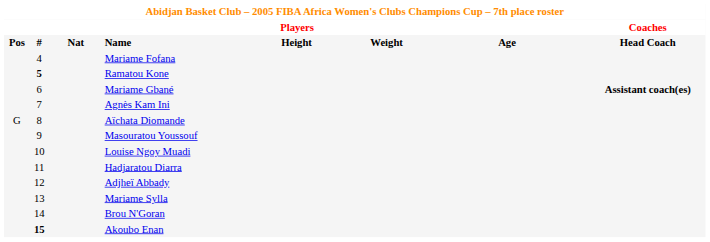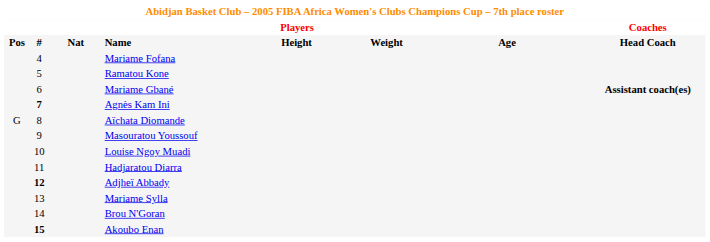 <table border=0 cellpadding=2 cellspacing=0  |- bgcolor=#f5f5f5 style="text-align:center; font-size:90%;" width=75%>
 <tr>
 <td colspan="8" style="background: white; color: #ff8c00"><strong>Abidjan Basket Club – 2005 FIBA Africa Women's Clubs Champions Cup – 7th place roster</strong></td>
 </tr>
 <tr>
 <td colspan="7" style="background: white; color: red"><strong>Players</strong></td>
 <td style="background: white; color: red"><strong>Coaches</strong></td>
 </tr>
 <tr style="background=#f5f5f5; color: black">
 <th width=5px>Pos</th>
 <th width=5px>#</th>
 <th width=50px>Nat</th>
 <th width=135px align=left>Name</th>
 <th width=100px>Height</th>
 <th width=70px>Weight</th>
 <th width=160px>Age</th>
 <th width=110px>Head Coach</th>
 </tr>
 <tr>
 <td></td>
 <td>4</td>
 <td></td>
 <td align=left><a href='#'>Mariame Fofana</a></td>
 <td></td>
 <td></td>
 <td><span></span></td>
 <td> <a href='#'></a></td>
 </tr>
 <tr>
 <td></td>
-<td><strong>5</strong></td>
+<td>5</td>
 <td></td>
 <td align=left><a href='#'>Ramatou Kone</a></td>
 <td></td>
 <td></td>
 <td><span></span></td>
 </tr>
 <tr>
 <td></td>
 <td>6</td>
 <td></td>
 <td align=left><a href='#'>Mariame Gbané</a></td>
 <td></td>
 <td></td>
 <td><span></span></td>
 <td><strong>Assistant coach(es)</strong></td>
 </tr>
 <tr>
 <td></td>
-<td>7</td>
+<td><strong>7</strong></td>
 <td></td>
 <td align=left><a href='#'>Agnès Kam Ini</a></td>
 <td></td>
 <td></td>
 <td><span></span></td>
 <td></td>
 </tr>
 <tr>
 <td>G</td>
 <td>8</td>
 <td></td>
 <td align=left><a href='#'>Aïchata Diomande</a></td>
 <td><span></span></td>
 <td></td>
 <td><span></span></td>
 <td></td>
 </tr>
 <tr>
 <td></td>
 <td>9</td>
 <td></td>
 <td align=left><a href='#'>Masouratou Youssouf</a></td>
 <td></td>
 <td></td>
 <td><span></span></td>
 </tr>
 <tr>
 <td></td>
 <td>10</td>
 <td></td>
 <td align=left><a href='#'>Louise Ngoy Muadi</a></td>
 <td></td>
 <td></td>
 <td><span></span></td>
 </tr>
 <tr>
 <td></td>
 <td>11</td>
 <td></td>
 <td align=left><a href='#'>Hadjaratou Diarra</a></td>
 <td></td>
 <td></td>
 <td><span></span></td>
 </tr>
 <tr>
 <td></td>
-<td>12</td>
+<td><strong>12</strong></td>
 <td></td>
 <td align=left><a href='#'>Adjheï Abbady</a></td>
 <td></td>
 <td></td>
 <td><span></span></td>
 </tr>
 <tr>
 <td></td>
 <td>13</td>
 <td></td>
 <td align=left><a href='#'>Mariame Sylla</a></td>
 <td></td>
 <td></td>
 <td><span></span></td>
 </tr>
 <tr>
 <td></td>
 <td>14</td>
 <td></td>
 <td align=left><a href='#'>Brou N'Goran</a></td>
 <td></td>
 <td></td>
 <td><span></span></td>
 </tr>
 <tr>
 <td></td>
 <td><strong>15</strong></td>
 <td></td>
 <td align=left><a href='#'>Akoubo Enan</a></td>
 <td></td>
 <td></td>
 <td><span></span></td>
 </tr>
 </table>
